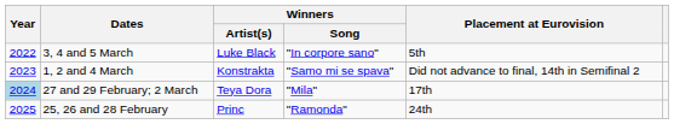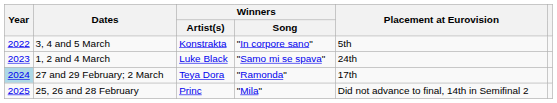 <table class="wikitable plainrowheaders" style="width:70%;">
 <tr>
 <th rowspan="2">Year</th>
 <th rowspan="2">Dates</th>
 <th colspan="2">Winners</th>
 <th rowspan="2">Placement at Eurovision</th>
 <th rowspan="2"></th>
 </tr>
 <tr>
 <th>Artist(s)</th>
 <th>Song</th>
 </tr>
 <tr>
 <td style="text-align:center"><a href='#'>2022</a></td>
 <td>3, 4 and 5 March</td>
-<td><a href='#'>Luke Black</a></td>
+<td><a href='#'>Konstrakta</a></td>
 <td>"<a href='#'>In corpore sano</a>"</td>
 <td>5th</td>
 <td></td>
 </tr>
 <tr>
 <td style="text-align:center"><a href='#'>2023</a></td>
 <td>1, 2 and 4 March</td>
-<td><a href='#'>Konstrakta</a></td>
+<td><a href='#'>Luke Black</a></td>
 <td>"<a href='#'>Samo mi se spava</a>"</td>
-<td>Did not advance to final, 14th in Semifinal 2</td>
+<td>24th</td>
 <td></td>
 </tr>
 <tr>
 <td style="background: lightblue; text-align:center"><a href='#'>2024</a></td>
 <td>27 and 29 February; 2 March</td>
 <td><a href='#'>Teya Dora</a></td>
-<td>"<a href='#'>Mila</a>"</td>
+<td>"<a href='#'>Ramonda</a>"</td>
 <td>17th</td>
 <td></td>
 </tr>
 <tr>
 <td style="text-align:center"><a href='#'>2025</a></td>
 <td>25, 26 and 28 February</td>
 <td><a href='#'>Princ</a></td>
-<td>"<a href='#'>Ramonda</a>"</td>
-<td>24th</td>
+<td>"<a href='#'>Mila</a>"</td>
+<td>Did not advance to final, 14th in Semifinal 2</td>
 <td></td>
 </tr>
 </table>
